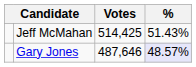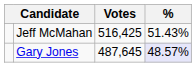 <table class="wikitable">
 <tr>
 <th colspan="2" rowspan="1" align="center" valign="top"><strong>Candidate</strong></th>
 <th valign="top"><strong>Votes</strong></th>
 <th valign="top"><strong>%</strong></th>
 </tr>
 <tr>
 <td style="background-color:"> </td>
 <td>Jeff McMahan</td>
-<td>514,425</td>
+<td>516,425</td>
 <td>51.43%</td>
 </tr>
 <tr>
 <td style="background-color:"> </td>
 <td><a href='#'>Gary Jones</a></td>
-<td>487,646</td>
+<td>487,645</td>
 <td style="background: lavender;">48.57%</td>
 </tr>
 </table>
